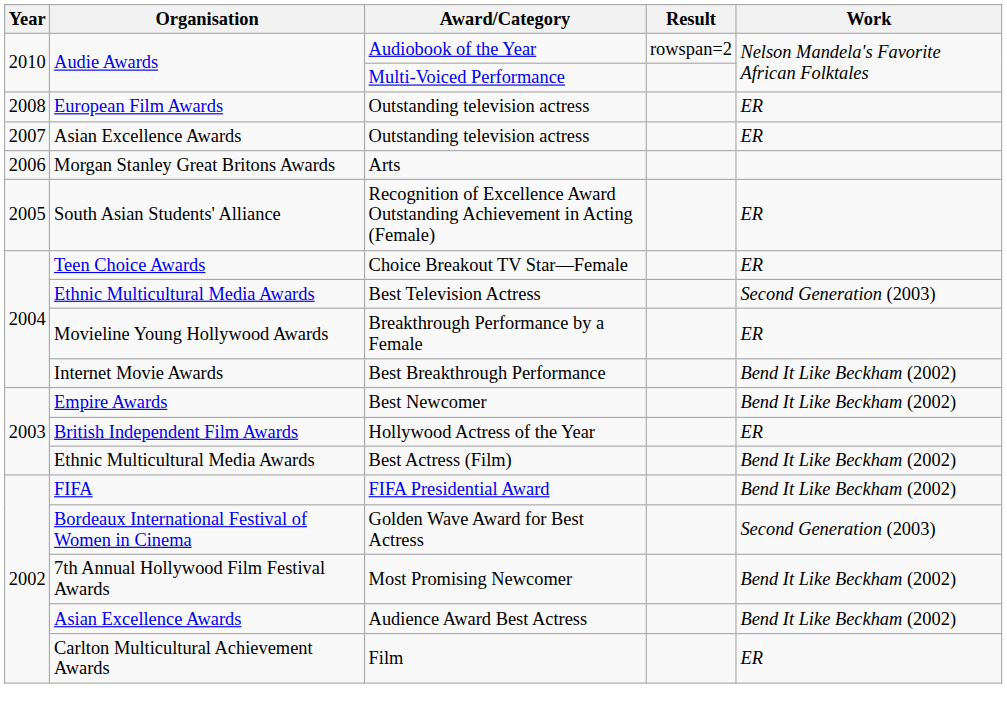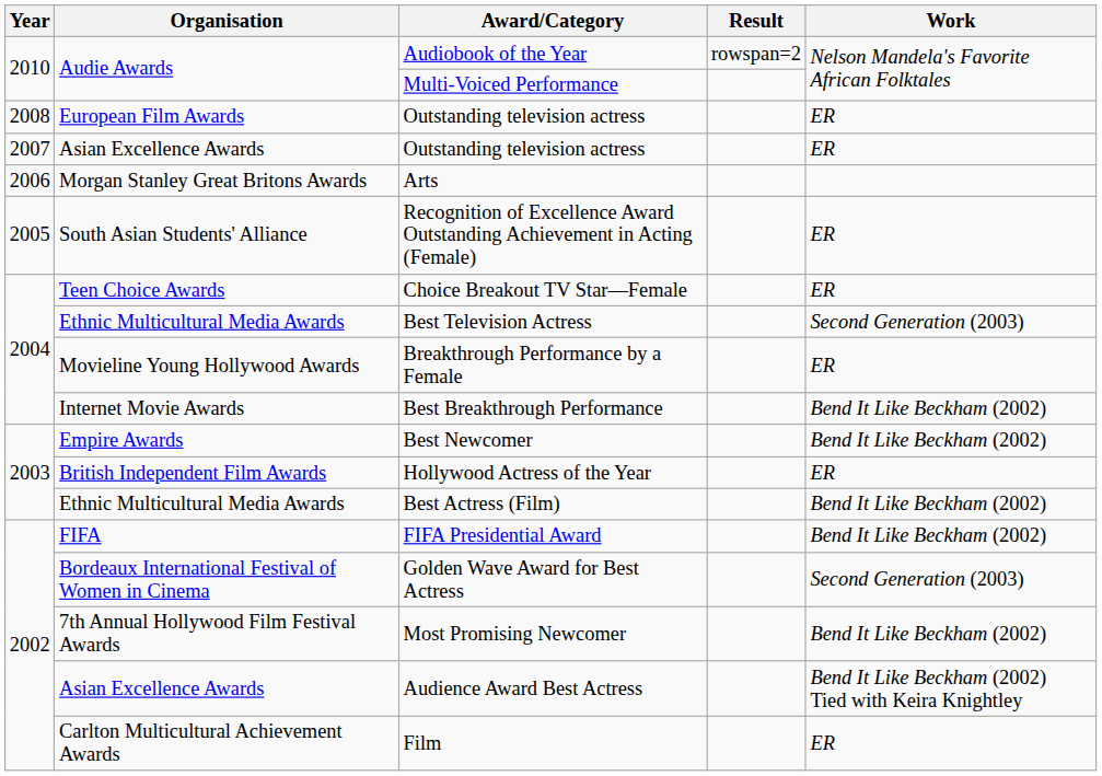 <table class="wikitable sortable">
 <tr>
 <th scope="col">Year</th>
 <th scope="col">Organisation</th>
 <th scope="col">Award/Category</th>
 <th scope="col">Result</th>
 <th scope="col">Work</th>
 </tr>
 <tr>
 <td rowspan=2>2010</td>
 <td rowspan="2"><a href='#'>Audie Awards</a></td>
 <td><a href='#'>Audiobook of the Year</a></td>
 <td>rowspan=2 </td>
 <td rowspan=2><em>Nelson Mandela's Favorite African Folktales</em></td>
 </tr>
 <tr>
 <td><a href='#'>Multi-Voiced Performance</a></td>
 </tr>
 <tr>
 <td>2008</td>
 <td><a href='#'>European Film Awards</a></td>
 <td>Outstanding television actress</td>
 <td></td>
 <td><em>ER</em></td>
 </tr>
 <tr>
 <td>2007</td>
 <td>Asian Excellence Awards</td>
 <td>Outstanding television actress</td>
 <td></td>
 <td><em>ER</em></td>
 </tr>
 <tr>
 <td>2006</td>
 <td>Morgan Stanley Great Britons Awards</td>
 <td>Arts</td>
 <td></td>
 <td></td>
 </tr>
 <tr>
 <td>2005</td>
 <td>South Asian Students' Alliance</td>
 <td>Recognition of Excellence Award<br>Outstanding Achievement in Acting (Female)</td>
 <td></td>
 <td><em>ER</em></td>
 </tr>
 <tr>
 <td rowspan="4">2004</td>
 <td><a href='#'>Teen Choice Awards</a></td>
 <td>Choice Breakout TV Star—Female</td>
 <td></td>
 <td><em>ER</em></td>
 </tr>
 <tr>
 <td><a href='#'>Ethnic Multicultural Media Awards</a></td>
 <td>Best Television Actress</td>
 <td></td>
 <td><em>Second Generation</em> (2003)</td>
 </tr>
 <tr>
 <td>Movieline Young Hollywood Awards</td>
 <td>Breakthrough Performance by a Female</td>
 <td></td>
 <td><em>ER</em></td>
 </tr>
 <tr>
 <td>Internet Movie Awards</td>
 <td>Best Breakthrough Performance</td>
 <td></td>
 <td><em>Bend It Like Beckham</em> (2002)</td>
 </tr>
 <tr>
 <td rowspan="3">2003</td>
 <td><a href='#'>Empire Awards</a></td>
 <td>Best Newcomer</td>
 <td></td>
 <td><em>Bend It Like Beckham</em> (2002)</td>
 </tr>
 <tr>
 <td><a href='#'>British Independent Film Awards</a></td>
 <td>Hollywood Actress of the Year</td>
 <td></td>
 <td><em>ER</em></td>
 </tr>
 <tr>
 <td>Ethnic Multicultural Media Awards</td>
 <td>Best Actress (Film)</td>
 <td></td>
 <td><em>Bend It Like Beckham</em> (2002)</td>
 </tr>
 <tr>
 <td rowspan="5">2002</td>
 <td><a href='#'>FIFA</a></td>
 <td><a href='#'>FIFA Presidential Award</a></td>
 <td></td>
 <td><em>Bend It Like Beckham</em> (2002)</td>
 </tr>
 <tr>
 <td><a href='#'>Bordeaux International Festival of Women in Cinema</a></td>
 <td>Golden Wave Award for Best Actress<br></td>
 <td></td>
 <td><em>Second Generation</em> (2003)</td>
 </tr>
 <tr>
 <td>7th Annual Hollywood Film Festival Awards</td>
 <td>Most Promising Newcomer</td>
 <td></td>
 <td><em>Bend It Like Beckham</em> (2002)</td>
 </tr>
 <tr>
 <td><a href='#'>Asian Excellence Awards</a></td>
 <td>Audience Award Best Actress</td>
 <td></td>
-<td><em>Bend It Like Beckham</em> (2002)</td>
+<td><em>Bend It Like Beckham</em> (2002)<br>Tied with Keira Knightley</td>
 </tr>
 <tr>
 <td>Carlton Multicultural Achievement Awards</td>
 <td>Film</td>
 <td></td>
 <td><em>ER</em></td>
 </tr>
 </table>
